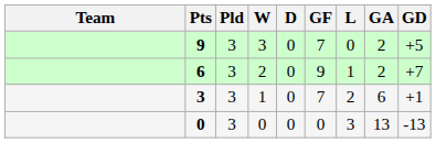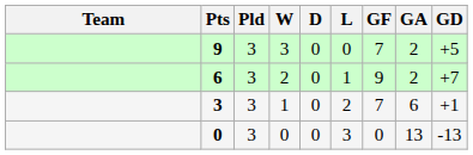 <table class="wikitable" style="text-align:center;">
 <tr>
 <th width=165>Team</th>
 <th width=20>Pts</th>
 <th width=20>Pld</th>
 <th width=20>W</th>
 <th width=20>D</th>
+<th width=20>L</th>
 <th width=20>GF</th>
-<th width=20>L</th>
 <th width=20>GA</th>
 <th width=20>GD</th>
 </tr>
 <tr align=center style="background:#ccffcc;">
 <td style="text-align:left;"></td>
 <td><strong>9</strong></td>
 <td>3</td>
 <td>3</td>
 <td>0</td>
+<td>0</td>
 <td>7</td>
-<td>0</td>
 <td>2</td>
 <td>+5</td>
 </tr>
 <tr align=center style="background:#ccffcc;">
 <td style="text-align:left;"></td>
 <td><strong>6</strong></td>
 <td>3</td>
 <td>2</td>
 <td>0</td>
+<td>1</td>
 <td>9</td>
-<td>1</td>
 <td>2</td>
 <td>+7</td>
 </tr>
 <tr align=center style="background:#f5f5f5;">
 <td style="text-align:left;"></td>
 <td><strong>3</strong></td>
 <td>3</td>
 <td>1</td>
 <td>0</td>
+<td>2</td>
 <td>7</td>
-<td>2</td>
 <td>6</td>
 <td>+1</td>
 </tr>
 <tr align=center style="background:#f5f5f5;">
 <td style="text-align:left;"></td>
 <td><strong>0</strong></td>
 <td>3</td>
 <td>0</td>
 <td>0</td>
+<td>3</td>
 <td>0</td>
-<td>3</td>
 <td>13</td>
 <td>-13</td>
 </tr>
 </table>
